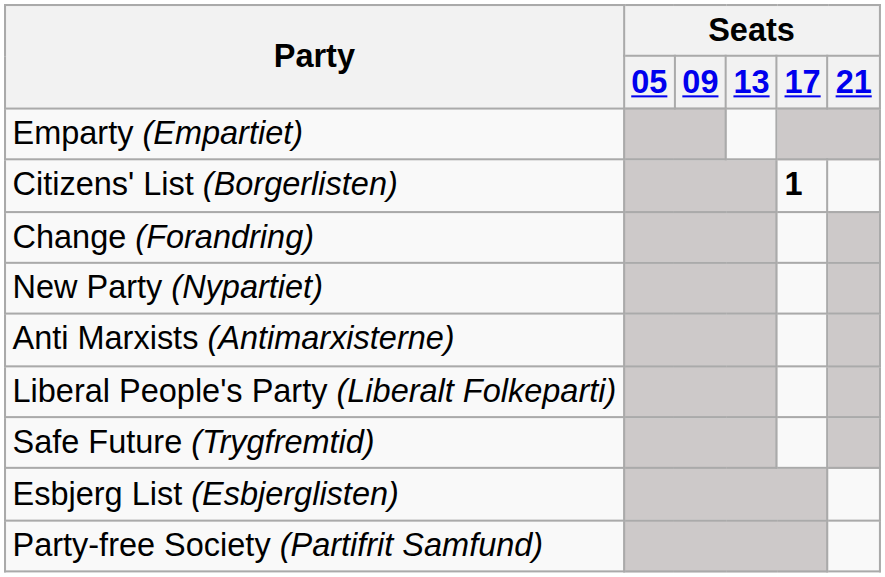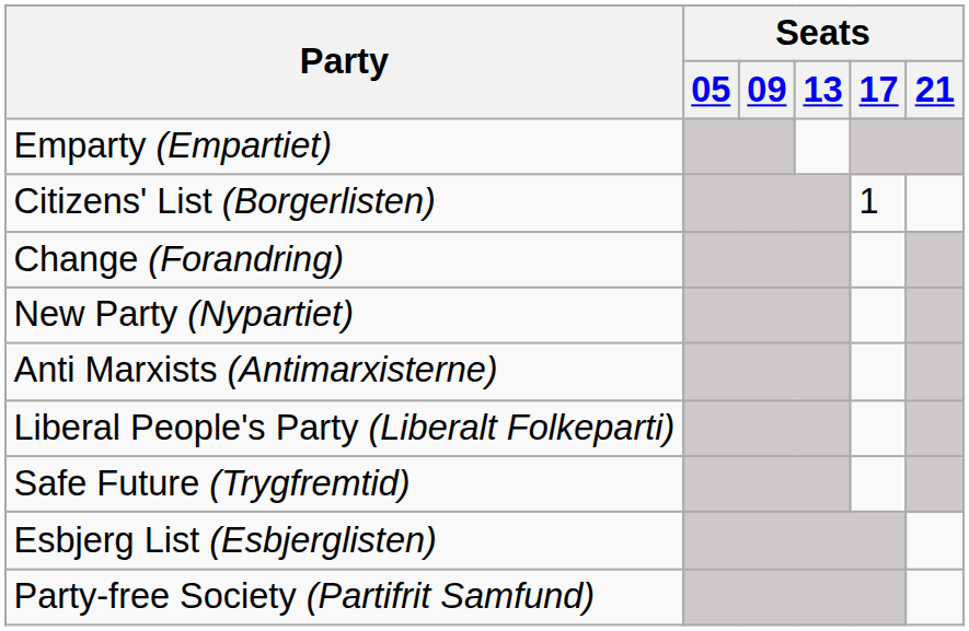 <table class="wikitable">
 <tr>
 <th rowspan=2>Party</th>
 <th colspan=11>Seats</th>
 </tr>
 <tr>
 <th><a href='#'>05</a></th>
 <th><a href='#'>09</a></th>
 <th><a href='#'>13</a></th>
 <th><a href='#'>17</a></th>
 <th><a href='#'>21</a></th>
 </tr>
 <tr>
 <td>Emparty <em>(Empartiet)</em></td>
 <td style="background:#CDC9C9;" colspan=2></td>
 <td></td>
 <td style="background:#CDC9C9;" colspan=2></td>
 </tr>
 <tr>
 <td>Citizens' List <em>(Borgerlisten)</em></td>
 <td style="background:#CDC9C9;" colspan=3></td>
-<td><strong>1</strong></td>
+<td>1</td>
 <td></td>
 </tr>
 <tr>
 <td>Change <em>(Forandring)</em></td>
 <td style="background:#CDC9C9;" colspan=3></td>
 <td></td>
 <td style="background:#CDC9C9;"></td>
 </tr>
 <tr>
 <td>New Party <em>(Nypartiet)</em></td>
 <td style="background:#CDC9C9;" colspan=3></td>
 <td></td>
 <td style="background:#CDC9C9;"></td>
 </tr>
 <tr>
 <td>Anti Marxists <em>(Antimarxisterne)</em></td>
 <td style="background:#CDC9C9;" colspan=3></td>
 <td></td>
 <td style="background:#CDC9C9;"></td>
 </tr>
 <tr>
 <td>Liberal People's Party <em>(Liberalt Folkeparti)</em></td>
 <td style="background:#CDC9C9;" colspan=3></td>
 <td></td>
 <td style="background:#CDC9C9;"></td>
 </tr>
 <tr>
 <td>Safe Future <em>(Trygfremtid)</em></td>
 <td style="background:#CDC9C9;" colspan=3></td>
 <td></td>
 <td style="background:#CDC9C9;"></td>
 </tr>
 <tr>
 <td>Esbjerg List <em>(Esbjerglisten)</em></td>
 <td style="background:#CDC9C9;" colspan=4></td>
 <td></td>
 </tr>
 <tr>
 <td>Party-free Society <em>(Partifrit Samfund)</em></td>
 <td style="background:#CDC9C9;" colspan=4></td>
 <td></td>
 </tr>
 </table>
